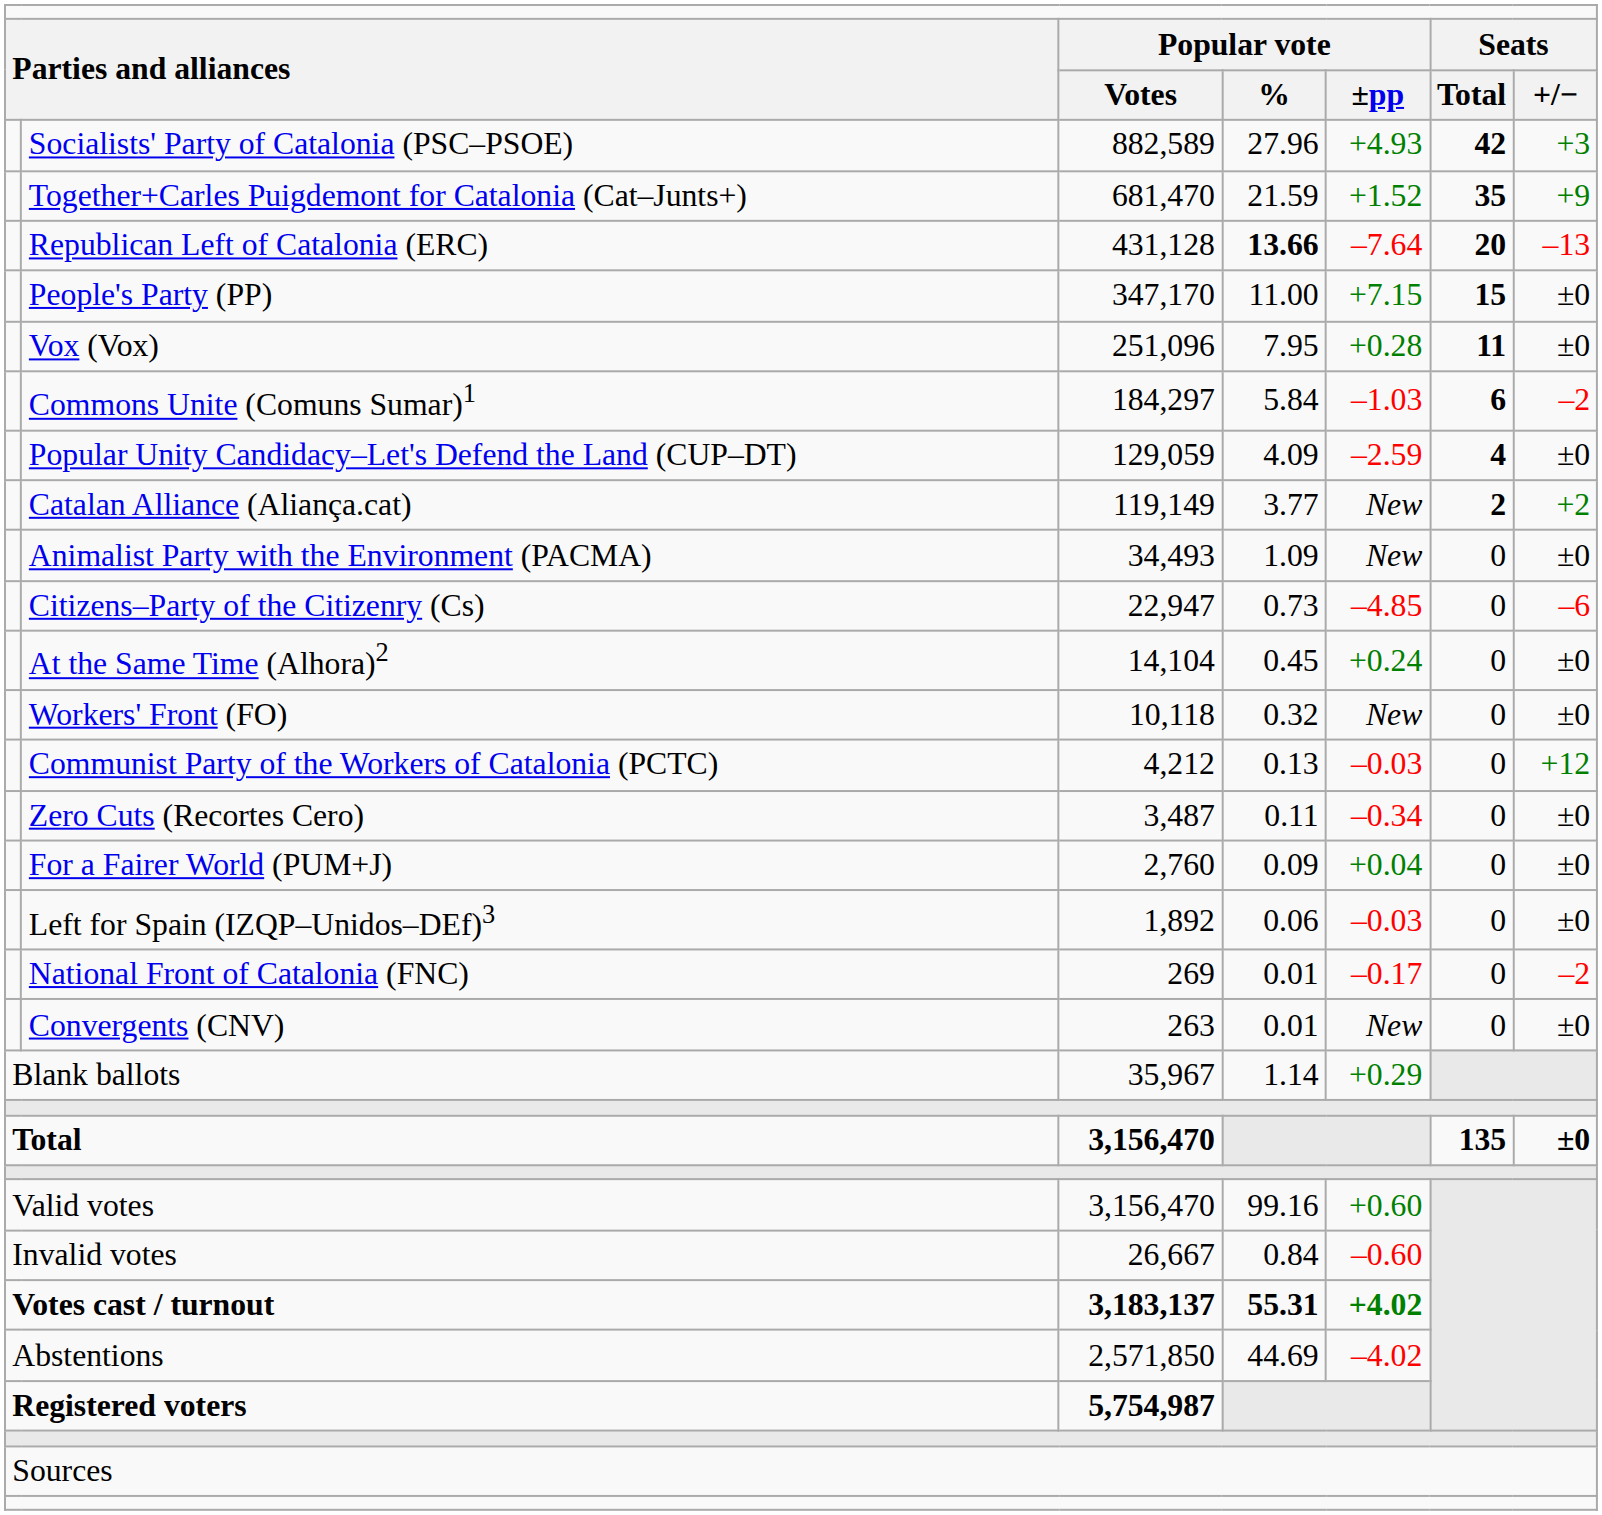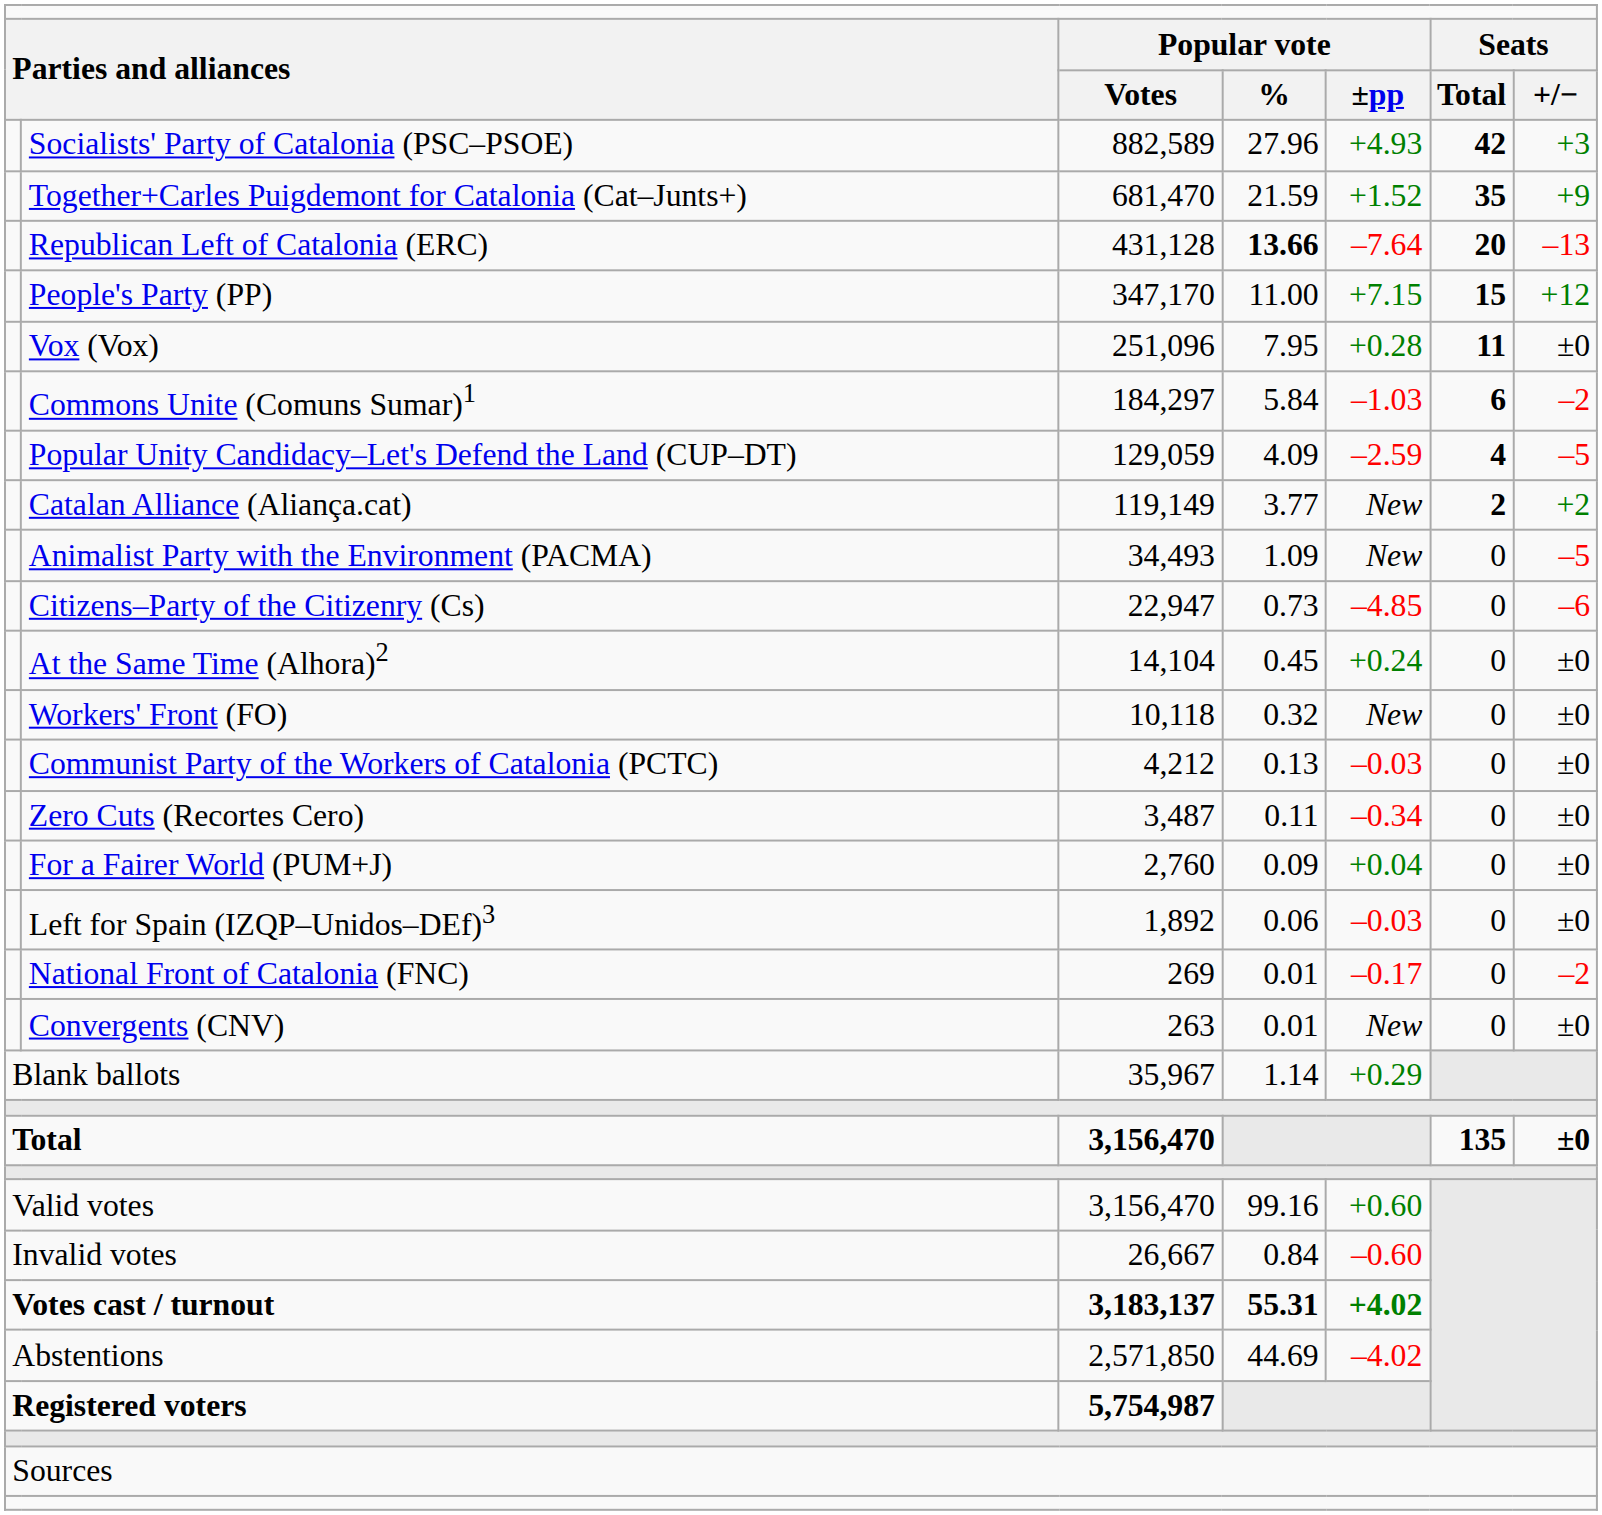 <table class="wikitable" style="text-align:right;">
 <tr>
 <td colspan="7"></td>
 </tr>
 <tr>
 <th style="text-align:left;" rowspan="2" colspan="2" width="525">Parties and alliances</th>
 <th colspan="3">Popular vote</th>
 <th colspan="2">Seats</th>
 </tr>
 <tr>
 <th width="75">Votes</th>
 <th width="45">%</th>
 <th width="45">±<a href='#'>pp</a></th>
 <th width="35">Total</th>
 <th width="35">+/−</th>
 </tr>
 <tr>
 <td width="1" style="color:inherit;background:"></td>
 <td align="left"><a href='#'>Socialists' Party of Catalonia</a> (PSC–PSOE)</td>
 <td>882,589</td>
 <td>27.96</td>
 <td style="color:green;">+4.93</td>
 <td><strong>42</strong></td>
 <td style="color:green;">+3</td>
 </tr>
 <tr>
 <td style="color:inherit;background:"></td>
 <td align="left"><a href='#'>Together+Carles Puigdemont for Catalonia</a> (Cat–Junts+)</td>
 <td>681,470</td>
 <td>21.59</td>
 <td style="color:green;">+1.52</td>
 <td><strong>35</strong></td>
 <td style="color:green;">+9</td>
 </tr>
 <tr>
 <td style="color:inherit;background:"></td>
 <td align="left"><a href='#'>Republican Left of Catalonia</a> (ERC)</td>
 <td>431,128</td>
 <td><strong>13.66</strong></td>
 <td style="color:red;">–7.64</td>
 <td><strong>20</strong></td>
 <td style="color:red;">–13</td>
 </tr>
 <tr>
 <td style="color:inherit;background:"></td>
 <td align="left"><a href='#'>People's Party</a> (PP)</td>
 <td>347,170</td>
 <td>11.00</td>
 <td style="color:green;">+7.15</td>
 <td><strong>15</strong></td>
-<td>±0</td>
+<td style="color:green;">+12</td>
 </tr>
 <tr>
 <td style="color:inherit;background:"></td>
 <td align="left"><a href='#'>Vox</a> (Vox)</td>
 <td>251,096</td>
 <td>7.95</td>
 <td style="color:green;">+0.28</td>
 <td><strong>11</strong></td>
 <td>±0</td>
 </tr>
 <tr>
 <td style="color:inherit;background:"></td>
 <td align="left"><a href='#'>Commons Unite</a> (Comuns Sumar)<sup>1</sup></td>
 <td>184,297</td>
 <td>5.84</td>
 <td style="color:red;">–1.03</td>
 <td><strong>6</strong></td>
 <td style="color:red;">–2</td>
 </tr>
 <tr>
 <td style="color:inherit;background:"></td>
 <td align="left"><a href='#'>Popular Unity Candidacy–Let's Defend the Land</a> (CUP–DT)</td>
 <td>129,059</td>
 <td>4.09</td>
 <td style="color:red;">–2.59</td>
 <td><strong>4</strong></td>
-<td>±0</td>
+<td style="color:red;">–5</td>
 </tr>
 <tr>
 <td style="color:inherit;background:"></td>
 <td align="left"><a href='#'>Catalan Alliance</a> (Aliança.cat)</td>
 <td>119,149</td>
 <td>3.77</td>
 <td><em>New</em></td>
 <td><strong>2</strong></td>
 <td style="color:green;">+2</td>
 </tr>
 <tr>
 <td style="color:inherit;background:"></td>
 <td align="left"><a href='#'>Animalist Party with the Environment</a> (PACMA)</td>
 <td>34,493</td>
 <td>1.09</td>
 <td><em>New</em></td>
 <td>0</td>
-<td>±0</td>
+<td style="color:red;">–5</td>
 </tr>
 <tr>
 <td style="color:inherit;background:"></td>
 <td align="left"><a href='#'>Citizens–Party of the Citizenry</a> (Cs)</td>
 <td>22,947</td>
 <td>0.73</td>
 <td style="color:red;">–4.85</td>
 <td>0</td>
 <td style="color:red;">–6</td>
 </tr>
 <tr>
 <td style="color:inherit;background:"></td>
 <td align="left"><a href='#'>At the Same Time</a> (Alhora)<sup>2</sup></td>
 <td>14,104</td>
 <td>0.45</td>
 <td style="color:green;">+0.24</td>
 <td>0</td>
 <td>±0</td>
 </tr>
 <tr>
 <td style="color:inherit;background:"></td>
 <td align="left"><a href='#'>Workers' Front</a> (FO)</td>
 <td>10,118</td>
 <td>0.32</td>
 <td><em>New</em></td>
 <td>0</td>
 <td>±0</td>
 </tr>
 <tr>
 <td style="color:inherit;background:"></td>
 <td align="left"><a href='#'>Communist Party of the Workers of Catalonia</a> (PCTC)</td>
 <td>4,212</td>
 <td>0.13</td>
 <td style="color:red;">–0.03</td>
 <td>0</td>
-<td style="color:green;">+12</td>
+<td>±0</td>
 </tr>
 <tr>
 <td style="color:inherit;background:"></td>
 <td align="left"><a href='#'>Zero Cuts</a> (Recortes Cero)</td>
 <td>3,487</td>
 <td>0.11</td>
 <td style="color:red;">–0.34</td>
 <td>0</td>
 <td>±0</td>
 </tr>
 <tr>
 <td style="color:inherit;background:"></td>
 <td align="left"><a href='#'>For a Fairer World</a> (PUM+J)</td>
 <td>2,760</td>
 <td>0.09</td>
 <td style="color:green;">+0.04</td>
 <td>0</td>
 <td>±0</td>
 </tr>
 <tr>
 <td style="color:inherit;background:"></td>
 <td align="left">Left for Spain (IZQP–Unidos–DEf)<sup>3</sup></td>
 <td>1,892</td>
 <td>0.06</td>
 <td style="color:red;">–0.03</td>
 <td>0</td>
 <td>±0</td>
 </tr>
 <tr>
 <td style="color:inherit;background:"></td>
 <td align="left"><a href='#'>National Front of Catalonia</a> (FNC)</td>
 <td>269</td>
 <td>0.01</td>
 <td style="color:red;">–0.17</td>
 <td>0</td>
 <td style="color:red;">–2</td>
 </tr>
 <tr>
 <td style="color:inherit;background:"></td>
 <td align="left"><a href='#'>Convergents</a> (CNV)</td>
 <td>263</td>
 <td>0.01</td>
 <td><em>New</em></td>
 <td>0</td>
 <td>±0</td>
 </tr>
 <tr>
 <td align="left" colspan="2">Blank ballots</td>
 <td>35,967</td>
 <td>1.14</td>
 <td style="color:green;">+0.29</td>
 <td bgcolor="#E9E9E9" colspan="2"></td>
 </tr>
 <tr>
 <td colspan="7" bgcolor="#E9E9E9"></td>
 </tr>
 <tr style="font-weight:bold;">
 <td align="left" colspan="2">Total</td>
 <td>3,156,470</td>
 <td bgcolor="#E9E9E9" colspan="2"></td>
 <td>135</td>
 <td>±0</td>
 </tr>
 <tr>
 <td colspan="7" bgcolor="#E9E9E9"></td>
 </tr>
 <tr>
 <td align="left" colspan="2">Valid votes</td>
 <td>3,156,470</td>
 <td>99.16</td>
 <td style="color:green;">+0.60</td>
 <td bgcolor="#E9E9E9" colspan="2" rowspan="5"></td>
 </tr>
 <tr>
 <td align="left" colspan="2">Invalid votes</td>
 <td>26,667</td>
 <td>0.84</td>
 <td style="color:red;">–0.60</td>
 </tr>
 <tr style="font-weight:bold;">
 <td align="left" colspan="2">Votes cast / turnout</td>
 <td>3,183,137</td>
 <td>55.31</td>
 <td style="color:green;">+4.02</td>
 </tr>
 <tr>
 <td align="left" colspan="2">Abstentions</td>
 <td>2,571,850</td>
 <td>44.69</td>
 <td style="color:red;">–4.02</td>
 </tr>
 <tr style="font-weight:bold;">
 <td align="left" colspan="2">Registered voters</td>
 <td>5,754,987</td>
 <td bgcolor="#E9E9E9" colspan="2"></td>
 </tr>
 <tr>
 <td colspan="7" bgcolor="#E9E9E9"></td>
 </tr>
 <tr>
 <td align="left" colspan="7">Sources</td>
 </tr>
 <tr>
 <td colspan="7" style="text-align:left; max-width:790px;"></td>
 </tr>
 </table>
